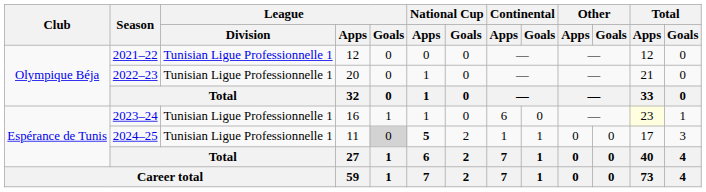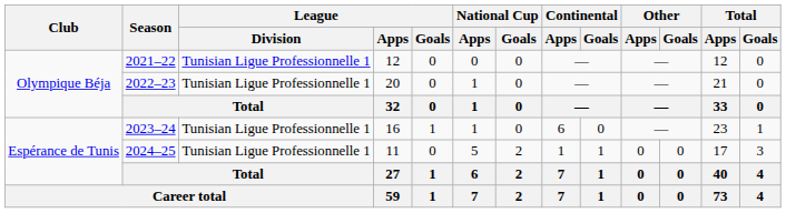 <table class="wikitable" style="text-align: center;">
 <tr>
 <th rowspan=2>Club</th>
 <th rowspan=2>Season</th>
 <th colspan=3>League</th>
 <th colspan=2>National Cup</th>
 <th colspan=2>Continental</th>
 <th colspan=2>Other</th>
 <th colspan=2>Total</th>
 </tr>
 <tr>
 <th>Division</th>
 <th>Apps</th>
 <th>Goals</th>
 <th>Apps</th>
 <th>Goals</th>
 <th>Apps</th>
 <th>Goals</th>
 <th>Apps</th>
 <th>Goals</th>
 <th>Apps</th>
 <th>Goals</th>
 </tr>
 <tr>
 <td rowspan=3><a href='#'>Olympique Béja</a></td>
 <td><a href='#'>2021–22</a></td>
 <td><a href='#'>Tunisian Ligue Professionnelle 1</a></td>
 <td>12</td>
 <td>0</td>
 <td>0</td>
 <td>0</td>
 <td colspan=2>—</td>
 <td colspan=2>—</td>
 <td>12</td>
 <td>0</td>
 </tr>
 <tr>
 <td><a href='#'>2022–23</a></td>
 <td>Tunisian Ligue Professionnelle 1</td>
 <td>20</td>
 <td>0</td>
 <td>1</td>
 <td>0</td>
 <td colspan=2>—</td>
 <td colspan=2>—</td>
 <td>21</td>
 <td>0</td>
 </tr>
 <tr>
 <th colspan=2>Total</th>
 <th>32</th>
 <th>0</th>
 <th>1</th>
 <th>0</th>
 <th colspan=2>—</th>
 <th colspan=2>—</th>
 <th>33</th>
 <th>0</th>
 </tr>
 <tr>
 <td rowspan=3><a href='#'>Espérance de Tunis</a></td>
 <td><a href='#'>2023–24</a></td>
 <td>Tunisian Ligue Professionnelle 1</td>
 <td>16</td>
 <td>1</td>
 <td>1</td>
 <td>0</td>
 <td>6</td>
 <td>0</td>
 <td colspan=2>—</td>
-<td style="background: lightyellow;">23</td>
+<td>23</td>
 <td>1</td>
 </tr>
 <tr>
 <td><a href='#'>2024–25</a></td>
 <td>Tunisian Ligue Professionnelle 1</td>
 <td>11</td>
-<td style="background: lightgrey;">0</td>
-<td><strong>5</strong></td>
+<td>0</td>
+<td>5</td>
 <td>2</td>
 <td>1</td>
 <td>1</td>
 <td>0</td>
 <td>0</td>
 <td>17</td>
 <td>3</td>
 </tr>
 <tr>
 <th colspan=2>Total</th>
 <th>27</th>
 <th>1</th>
 <th>6</th>
 <th>2</th>
 <th>7</th>
 <th>1</th>
 <th>0</th>
 <th>0</th>
 <th>40</th>
 <th>4</th>
 </tr>
 <tr>
 <th colspan=3>Career total</th>
 <th>59</th>
 <th>1</th>
 <th>7</th>
 <th>2</th>
 <th>7</th>
 <th>1</th>
 <th>0</th>
 <th>0</th>
 <th>73</th>
 <th>4</th>
 </tr>
 </table>
